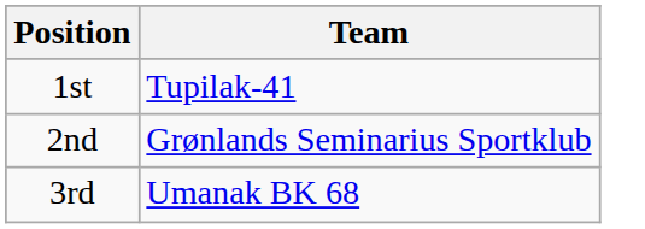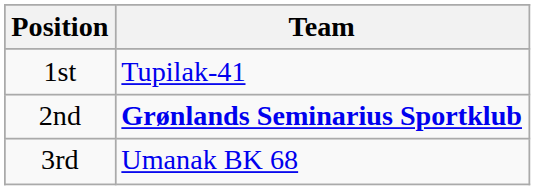 <table class="wikitable">
 <tr>
 <th>Position</th>
 <th>Team</th>
 </tr>
 <tr>
 <td style="text-align:center">1st</td>
 <td><a href='#'>Tupilak-41</a></td>
 </tr>
 <tr>
 <td style="text-align:center">2nd</td>
-<td><a href='#'>Grønlands Seminarius Sportklub</a></td>
+<td><strong><a href='#'>Grønlands Seminarius Sportklub</a></strong></td>
 </tr>
 <tr>
 <td style="text-align:center">3rd</td>
 <td><a href='#'>Umanak BK 68</a></td>
 </tr>
 </table>
